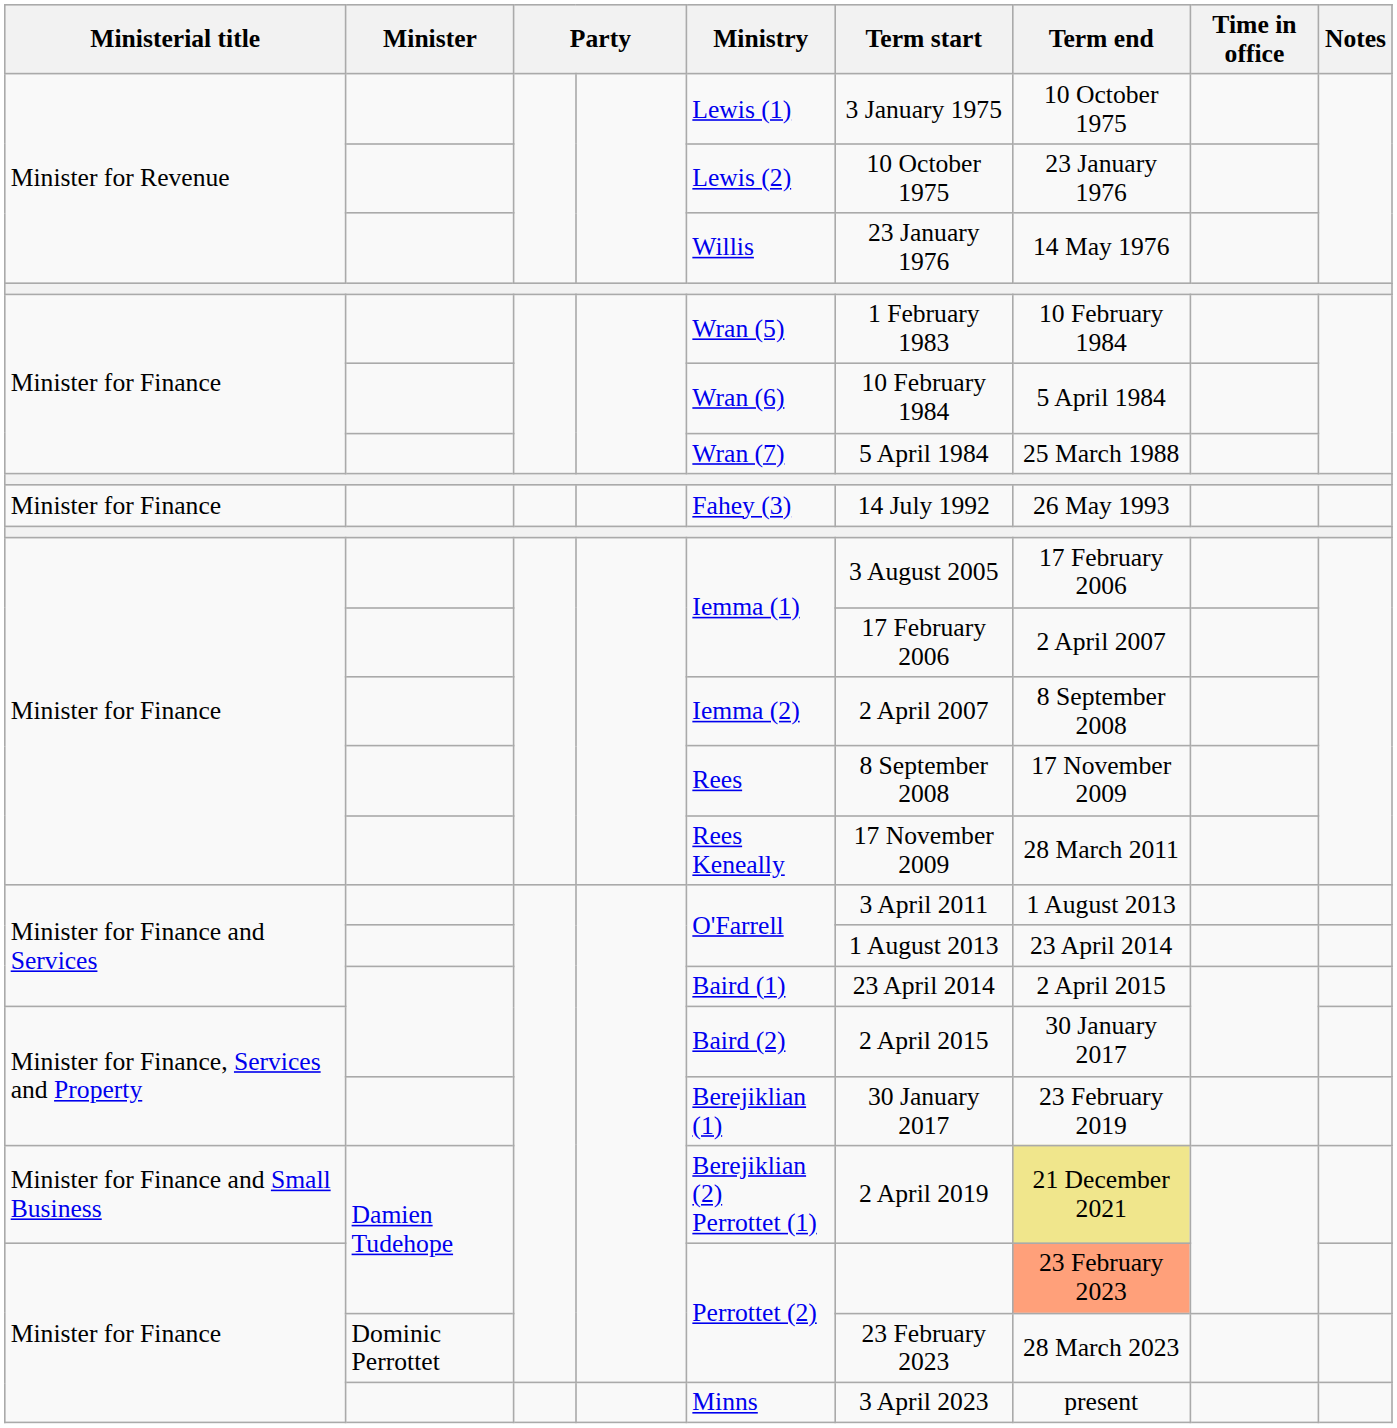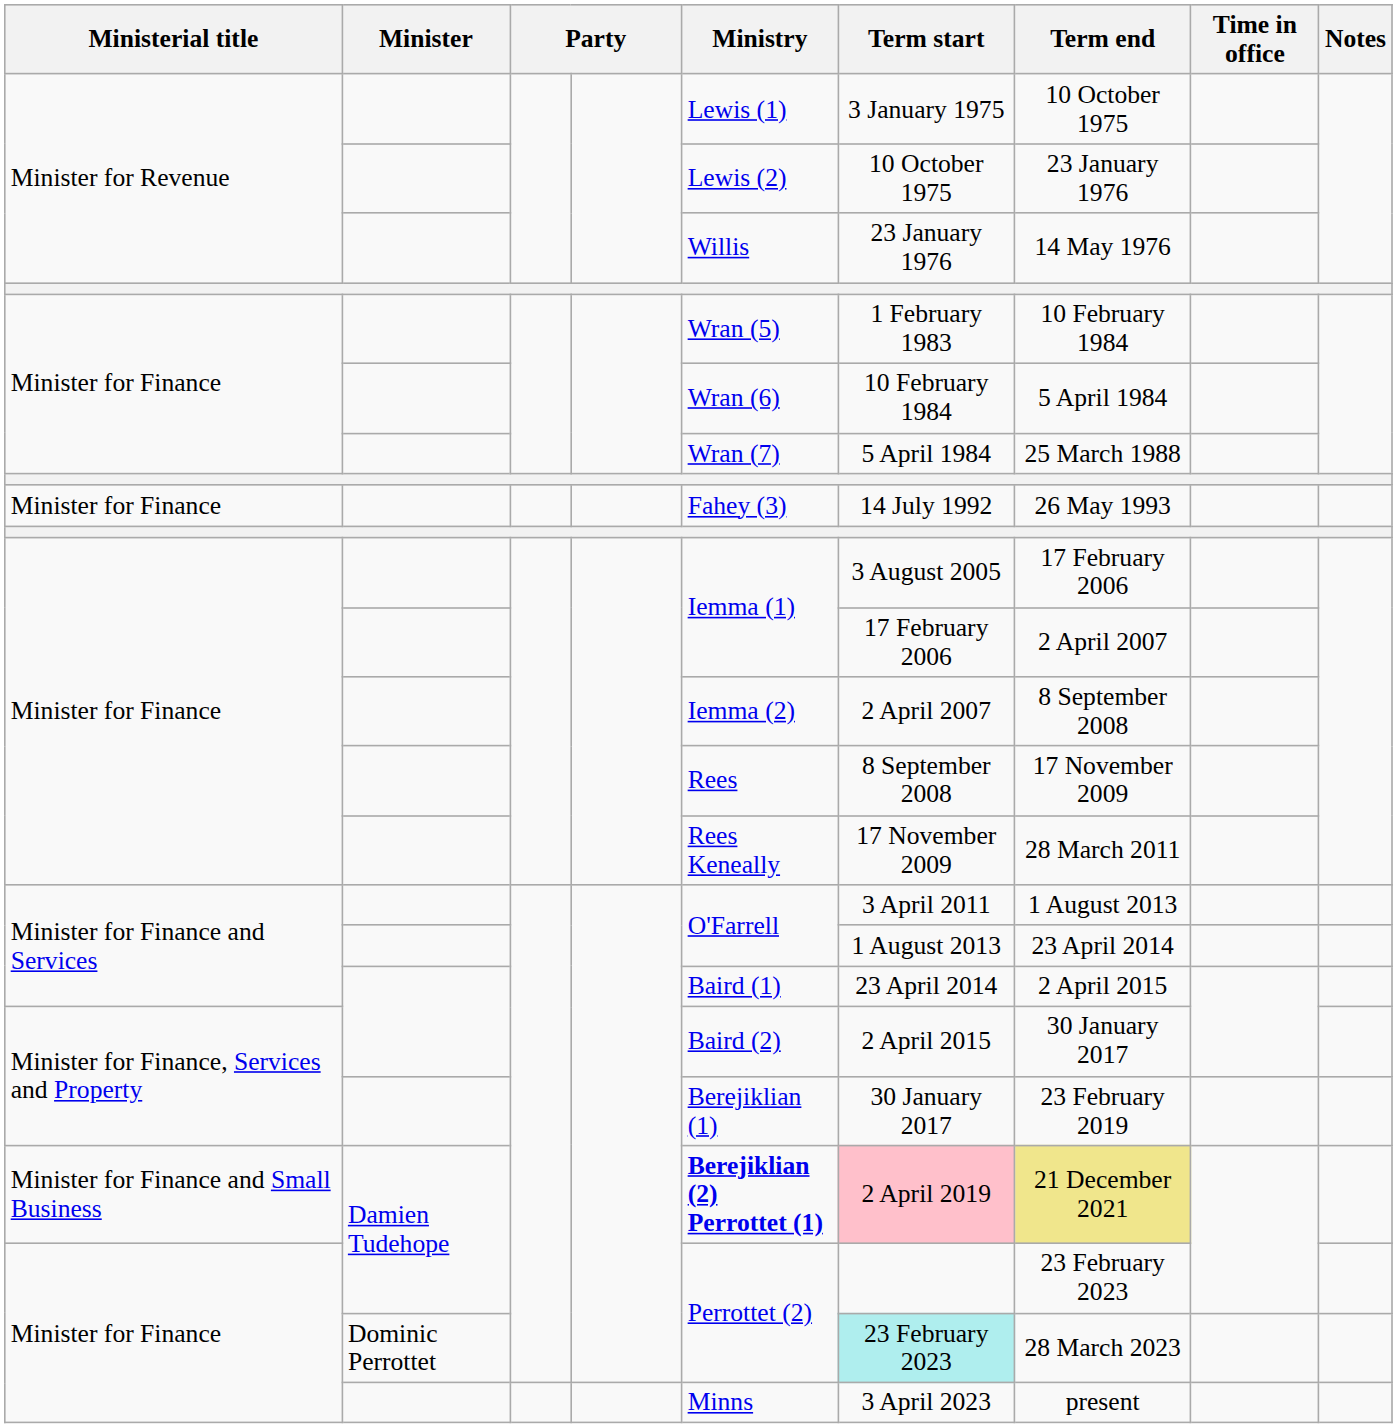 <table class="wikitable sortable">
 <tr>
 <th>Ministerial title</th>
 <th>Minister</th>
 <th colspan=2>Party</th>
 <th>Ministry</th>
 <th>Term start</th>
 <th>Term end</th>
 <th>Time in office</th>
 <th class="unsortable">Notes</th>
 </tr>
 <tr>
 <td rowspan=3>Minister for Revenue</td>
 <td></td>
 <td rowspan=3 > </td>
 <td rowspan=3 width=8%></td>
 <td><a href='#'>Lewis (1)</a></td>
 <td align=center>3 January 1975</td>
 <td align=center>10 October 1975</td>
 <td align=right></td>
 </tr>
 <tr>
 <td></td>
 <td><a href='#'>Lewis (2)</a></td>
 <td align=center>10 October 1975</td>
 <td align=center>23 January 1976</td>
 <td align=right></td>
 </tr>
 <tr>
 <td></td>
 <td><a href='#'>Willis</a></td>
 <td align=center>23 January 1976</td>
 <td align=center>14 May 1976</td>
 <td align=right></td>
 </tr>
 <tr>
 <th colspan=9></th>
 </tr>
 <tr>
 <td rowspan=3>Minister for Finance</td>
 <td></td>
 <td rowspan=3 > </td>
 <td rowspan=3></td>
 <td><a href='#'>Wran (5)</a></td>
 <td align=center>1 February 1983</td>
 <td align=center>10 February 1984</td>
 <td align=right></td>
 </tr>
 <tr>
 <td></td>
 <td><a href='#'>Wran (6)</a></td>
 <td align=center>10 February 1984</td>
 <td align=center>5 April 1984</td>
 <td align=right></td>
 </tr>
 <tr>
 <td></td>
 <td><a href='#'>Wran (7)</a></td>
 <td align=center>5 April 1984</td>
 <td align=center>25 March 1988</td>
 <td align=right><strong></strong></td>
 </tr>
 <tr>
 <th colspan=9></th>
 </tr>
 <tr>
 <td>Minister for Finance</td>
 <td></td>
 <td> </td>
 <td></td>
 <td><a href='#'>Fahey (3)</a></td>
 <td align=center>14 July 1992</td>
 <td align=center>26 May 1993</td>
 <td align=right></td>
 </tr>
 <tr>
 <th colspan=9></th>
 </tr>
 <tr>
 <td rowspan=5>Minister for Finance</td>
 <td></td>
 <td rowspan=5 > </td>
 <td rowspan=5></td>
 <td rowspan=2><a href='#'>Iemma (1)</a></td>
 <td align=center>3 August 2005</td>
 <td align=center>17 February 2006</td>
 <td align=right></td>
 </tr>
 <tr>
 <td></td>
 <td align=center>17 February 2006</td>
 <td align=center>2 April 2007</td>
 <td align=right></td>
 </tr>
 <tr>
 <td></td>
 <td><a href='#'>Iemma (2)</a></td>
 <td align=center>2 April 2007</td>
 <td align=center>8 September 2008</td>
 <td align=right></td>
 </tr>
 <tr>
 <td></td>
 <td><a href='#'>Rees</a></td>
 <td align=center>8 September 2008</td>
 <td align=center>17 November 2009</td>
 <td align=right></td>
 </tr>
 <tr>
 <td></td>
 <td><a href='#'>Rees</a><br><a href='#'>Keneally</a></td>
 <td align=center>17 November 2009</td>
 <td align=center>28 March 2011</td>
 <td align=right></td>
 </tr>
 <tr>
 <td rowspan=3>Minister for Finance and <a href='#'>Services</a></td>
 <td></td>
 <td rowspan=8 > </td>
 <td rowspan=8></td>
 <td rowspan=2><a href='#'>O'Farrell</a></td>
 <td align=center>3 April 2011</td>
 <td align=center>1 August 2013</td>
 <td align=right></td>
 <td></td>
 </tr>
 <tr>
 <td></td>
 <td align=center>1 August 2013</td>
 <td align=center>23 April 2014</td>
 <td align=right></td>
 <td></td>
 </tr>
 <tr>
 <td rowspan=2></td>
 <td><a href='#'>Baird (1)</a></td>
 <td align=center>23 April 2014</td>
 <td align=center>2 April 2015</td>
 <td rowspan=2 align=right></td>
 <td></td>
 </tr>
 <tr>
 <td rowspan=2>Minister for Finance, <a href='#'>Services</a> and <a href='#'>Property</a></td>
 <td><a href='#'>Baird (2)</a></td>
 <td align=center>2 April 2015</td>
 <td align=center>30 January 2017</td>
 <td></td>
 </tr>
 <tr>
 <td></td>
 <td><a href='#'>Berejiklian (1)</a></td>
 <td align=center>30 January 2017</td>
 <td align=center>23 February 2019</td>
 <td align=right></td>
 <td></td>
 </tr>
 <tr>
 <td>Minister for Finance and <a href='#'>Small Business</a></td>
 <td rowspan=2><a href='#'>Damien Tudehope</a></td>
-<td><a href='#'>Berejiklian (2)</a><br><a href='#'>Perrottet (1)</a></td>
-<td align=center>2 April 2019</td>
+<td><strong><a href='#'>Berejiklian (2)</a><br><a href='#'>Perrottet (1)</a></strong></td>
+<td align=center style="background: pink;">2 April 2019</td>
 <td align=center style="background: khaki;">21 December 2021</td>
 <td rowspan=2 align=right></td>
 <td></td>
 </tr>
 <tr>
 <td rowspan=3>Minister for Finance</td>
 <td rowspan=2><a href='#'>Perrottet (2)</a></td>
 <td align=center></td>
-<td align=center style="background: lightsalmon;">23 February 2023</td>
+<td align=center>23 February 2023</td>
 <td></td>
 </tr>
 <tr>
 <td>Dominic Perrottet</td>
-<td align=center>23 February 2023</td>
+<td align=center style="background: paleturquoise;">23 February 2023</td>
 <td align=center>28 March 2023</td>
 <td align=right></td>
 <td></td>
 </tr>
 <tr>
 <td></td>
 <td> </td>
 <td></td>
 <td><a href='#'>Minns</a></td>
 <td align=center>3 April 2023</td>
 <td align=center>present</td>
 <td align=right></td>
 </tr>
 </table>
